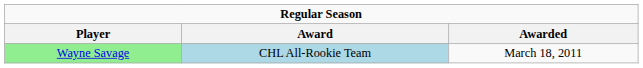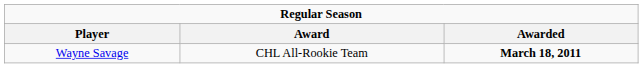 <table class="wikitable" width="52%" style="text-align:center">
 <tr>
 <td colspan="10" align="center"><strong>Regular Season</strong></td>
 </tr>
 <tr>
 <th>Player</th>
 <th>Award</th>
 <th>Awarded</th>
 </tr>
 <tr>
-<td style="background: lightgreen;"><a href='#'>Wayne Savage</a></td>
-<td style="background: lightblue;">CHL All-Rookie Team</td>
-<td>March 18, 2011</td>
+<td><a href='#'>Wayne Savage</a></td>
+<td>CHL All-Rookie Team</td>
+<td><strong>March 18, 2011</strong></td>
 </tr>
 </table>
